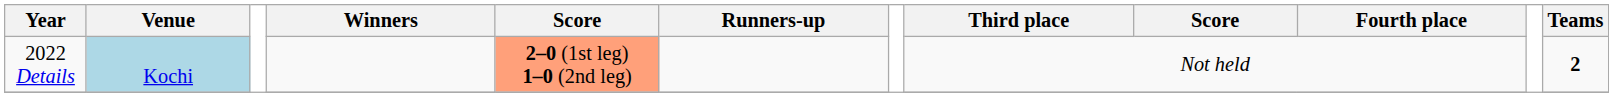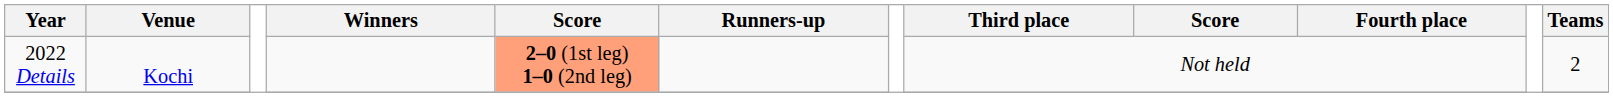 <table class="wikitable" style="text-align:center; width:100%">
 <tr>
 <th width=5%>Year</th>
 <th width=10%>Venue</th>
 <th rowspan="14" style="width:1%; background:#fff;"></th>
 <th width=14%>Winners</th>
 <th width=10%>Score</th>
 <th width=14%>Runners-up</th>
 <th rowspan="14" style="width:1%; background:#fff;"></th>
 <th width=14%>Third place</th>
 <th width=10%>Score</th>
 <th width=14%>Fourth place</th>
 <th rowspan="22" style="width:1%;background:#fff"></th>
 <th width=4%>Teams</th>
 </tr>
 <tr>
 <td>2022  <br> <em><a href='#'>Details</a></em></td>
-<td style="background: lightblue;"> <br> <a href='#'>Kochi</a></td>
+<td> <br> <a href='#'>Kochi</a></td>
 <td></td>
 <td style="background: lightsalmon;"><strong>2–0</strong> (1st leg)<br><strong>1–0</strong> (2nd leg)</td>
 <td></td>
 <td colspan="3"><em>Not held</em></td>
-<td><strong>2</strong></td>
+<td>2</td>
 </tr>
 <tr>
 </tr>
 </table>
